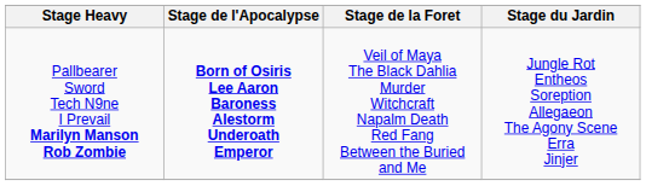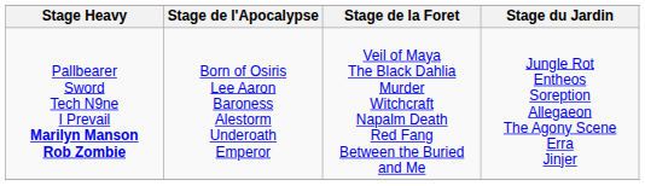 <table class="wikitable" style="text-align:center; vertical-align:top; width:710px">
 <tr>
 </tr>
 <tr>
 <th>Stage Heavy</th>
 <th>Stage de l'Apocalypse</th>
 <th>Stage de la Foret</th>
 <th>Stage du Jardin</th>
 </tr>
 <tr>
 <td style="width:175px;"><br><a href='#'>Pallbearer</a><br> <a href='#'>Sword</a><br> <a href='#'>Tech N9ne</a><br> <a href='#'>I Prevail</a><br> <strong><a href='#'>Marilyn Manson</a></strong><br> <strong><a href='#'>Rob Zombie</a></strong></td>
-<td style="width:175px;"><strong><br><a href='#'>Born of Osiris</a><br> <a href='#'>Lee Aaron</a><br> <a href='#'>Baroness</a><br> <a href='#'>Alestorm</a><br> <a href='#'>Underoath</a><br> <a href='#'>Emperor</a></strong></td>
+<td style="width:175px;"><br><a href='#'>Born of Osiris</a><br> <a href='#'>Lee Aaron</a><br> <a href='#'>Baroness</a><br> <a href='#'>Alestorm</a><br> <a href='#'>Underoath</a><br> <a href='#'>Emperor</a></td>
 <td style="width:175px;"><br><a href='#'>Veil of Maya</a><br> <a href='#'>The Black Dahlia Murder</a><br> <a href='#'>Witchcraft</a><br> <a href='#'>Napalm Death</a><br> <a href='#'>Red Fang</a><br> <a href='#'>Between the Buried and Me</a></td>
 <td style="width:175px;"><br><a href='#'>Jungle Rot</a><br> <a href='#'>Entheos</a><br> <a href='#'>Soreption</a><br> <a href='#'>Allegaeon</a><br> <a href='#'>The Agony Scene</a><br> <a href='#'>Erra</a><br> <a href='#'>Jinjer</a></td>
 </tr>
 <tr>
 </tr>
 </table>
